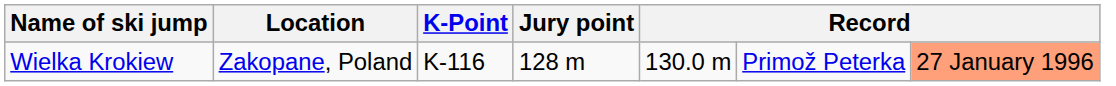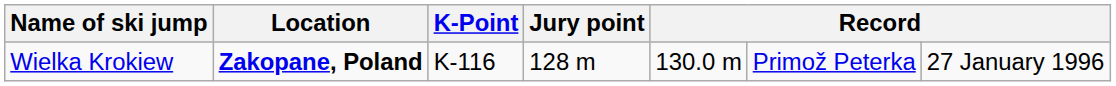 <table class="wikitable">
 <tr>
 <th>Name of ski jump</th>
 <th>Location</th>
 <th><a href='#'>K-Point</a></th>
 <th>Jury point</th>
 <th colspan="3">Record</th>
 </tr>
 <tr>
 <td><a href='#'>Wielka Krokiew</a></td>
-<td><a href='#'>Zakopane</a>, Poland</td>
+<td><strong><a href='#'>Zakopane</a>, Poland</strong></td>
 <td>K-116</td>
 <td>128 m</td>
 <td>130.0 m</td>
 <td><a href='#'>Primož Peterka</a></td>
-<td style="background: lightsalmon;">27 January 1996</td>
+<td>27 January 1996</td>
 </tr>
 </table>
